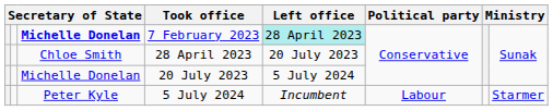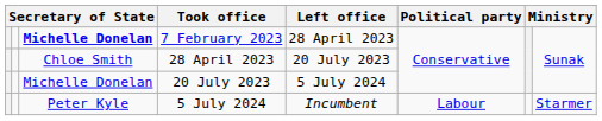 <table class="wikitable" style="text-align:center">
 <tr>
 <th colspan="3">Secretary of State</th>
 <th>Took office</th>
 <th>Left office</th>
 <th>Political party</th>
 <th colspan="2">Ministry</th>
 </tr>
 <tr>
 <th style="background-color:"></th>
 <td></td>
 <td><strong><a href='#'>Michelle Donelan</a><br></strong></td>
 <td><a href='#'>7 February 2023</a></td>
-<td style="background: paleturquoise;">28 April 2023</td>
+<td>28 April 2023</td>
 <td rowspan="3"><a href='#'>Conservative</a></td>
 <th rowspan=3 style="background-color:"></th>
 <td rowspan="3"><a href='#'>Sunak</a></td>
 </tr>
 <tr>
 <th style="background-color:"></th>
 <td></td>
 <td><a href='#'>Chloe Smith</a><br></td>
 <td>28 April 2023</td>
 <td>20 July 2023</td>
 </tr>
 <tr>
 <th style="background-color:"></th>
 <td></td>
 <td><a href='#'>Michelle Donelan</a><br></td>
 <td>20 July 2023</td>
 <td>5 July 2024</td>
 </tr>
 <tr>
 <th style="background-color:"></th>
 <td></td>
 <td><a href='#'>Peter Kyle</a><br></td>
 <td>5 July 2024</td>
 <td><em>Incumbent</em></td>
 <td rowspan="12"><a href='#'>Labour</a></td>
 <td rowspan=3 style="background-color:"></td>
 <td rowspan="3"><a href='#'>Starmer</a></td>
 </tr>
 </table>
